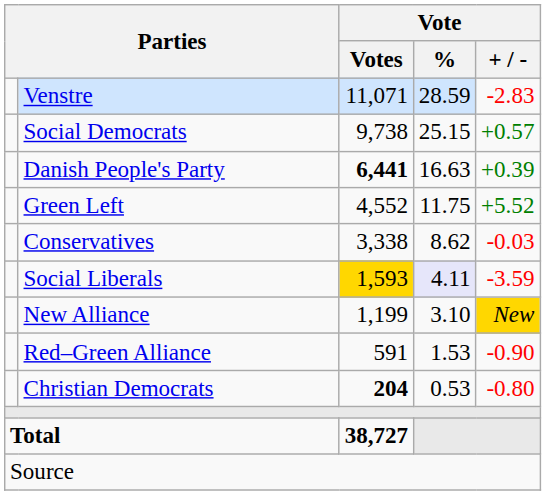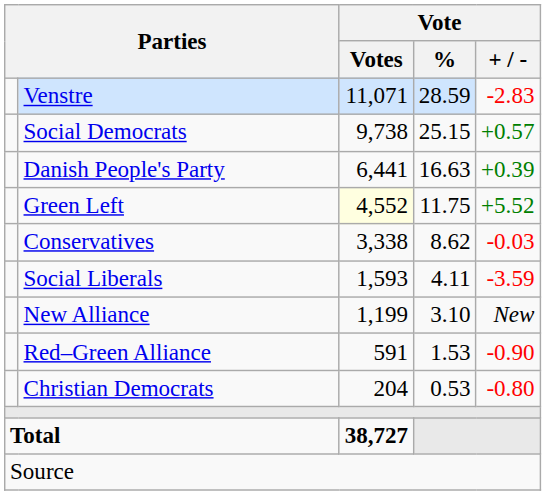 <table class="wikitable" style="text-align:right;">
 <tr>
 <th style="text-align:centre;" rowspan="2" colspan="2" width="225">Parties</th>
 <th colspan="3">Vote</th>
 </tr>
 <tr>
 <th width="15">Votes</th>
 <th width="15">%</th>
 <th width="15">+ / -</th>
 </tr>
 <tr>
 <td width="2" style="color:inherit;background:"></td>
 <td bgcolor=#cfe5fe  align="left"><a href='#'>Venstre</a></td>
 <td bgcolor=#cfe5fe>11,071</td>
 <td bgcolor=#cfe5fe>28.59</td>
 <td style=color:red;>-2.83</td>
 </tr>
 <tr>
 <td width="2" style="color:inherit;background:"></td>
 <td align="left"><a href='#'>Social Democrats</a></td>
 <td>9,738</td>
 <td>25.15</td>
 <td style=color:green;>+0.57</td>
 </tr>
 <tr>
 <td width="2" style="color:inherit;background:"></td>
 <td align="left"><a href='#'>Danish People's Party</a></td>
-<td><strong>6,441</strong></td>
+<td>6,441</td>
 <td>16.63</td>
 <td style=color:green;>+0.39</td>
 </tr>
 <tr>
 <td width="2" style="color:inherit;background:"></td>
 <td align="left"><a href='#'>Green Left</a></td>
-<td>4,552</td>
+<td style="background: lightyellow;">4,552</td>
 <td>11.75</td>
 <td style=color:green;>+5.52</td>
 </tr>
 <tr>
 <td width="2" style="color:inherit;background:"></td>
 <td align="left"><a href='#'>Conservatives</a></td>
 <td>3,338</td>
 <td>8.62</td>
 <td style=color:red;>-0.03</td>
 </tr>
 <tr>
 <td width="2" style="color:inherit;background:"></td>
 <td align="left"><a href='#'>Social Liberals</a></td>
-<td style="background: gold;">1,593</td>
-<td style="background: lavender;">4.11</td>
+<td>1,593</td>
+<td>4.11</td>
 <td style=color:red;>-3.59</td>
 </tr>
 <tr>
 <td width="2" style="color:inherit;background:"></td>
 <td align="left"><a href='#'>New Alliance</a></td>
 <td>1,199</td>
 <td>3.10</td>
-<td style="background: gold;"><em>New</em></td>
+<td><em>New</em></td>
 </tr>
 <tr>
 <td width="2" style="color:inherit;background:"></td>
 <td align="left"><a href='#'>Red–Green Alliance</a></td>
 <td>591</td>
 <td>1.53</td>
 <td style=color:red;>-0.90</td>
 </tr>
 <tr>
 <td width="2" style="color:inherit;background:"></td>
 <td align="left"><a href='#'>Christian Democrats</a></td>
-<td><strong>204</strong></td>
+<td>204</td>
 <td>0.53</td>
 <td style=color:red;>-0.80</td>
 </tr>
 <tr>
 <td colspan="7" bgcolor="#E9E9E9"></td>
 </tr>
 <tr>
 <td align="left" colspan="2"><strong>Total</strong></td>
 <td><strong>38,727</strong></td>
 <td bgcolor="#E9E9E9" colspan="2"></td>
 </tr>
 <tr>
 <td align="left" colspan="6">Source</td>
 </tr>
 </table>
